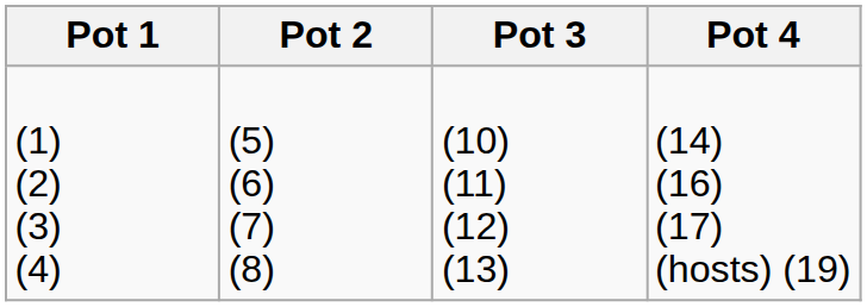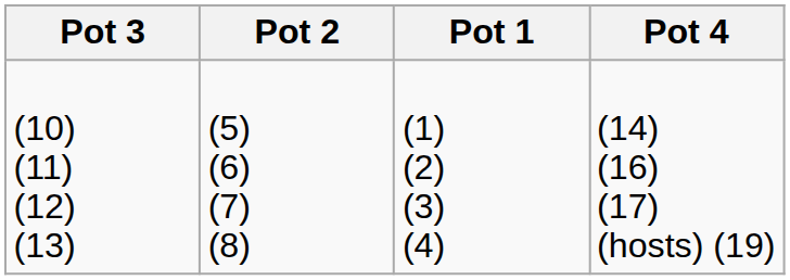 <table class="wikitable">
 <tr>
+<th width=25%>Pot 3</th>
+<th width=25%>Pot 2</th>
 <th width=25%>Pot 1</th>
-<th width=25%>Pot 2</th>
-<th width=25%>Pot 3</th>
 <th width=25%>Pot 4</th>
 </tr>
 <tr>
+<td><br> (10)<br>  (11)<br>  (12)<br>  (13)</td>
+<td><br> (5)<br>  (6)<br>  (7)<br>  (8)</td>
 <td><br> (1)<br>  (2)<br>  (3)<br>  (4)</td>
-<td><br> (5)<br>  (6)<br>  (7)<br>  (8)</td>
-<td><br> (10)<br>  (11)<br>  (12)<br>  (13)</td>
 <td><br> (14)<br>  (16)<br>  (17)<br>  (hosts) (19)</td>
 </tr>
 </table>
